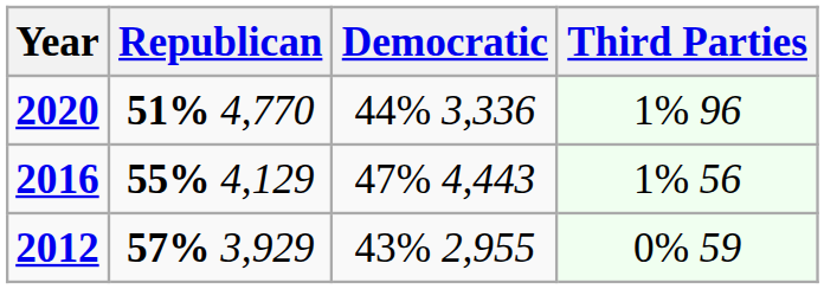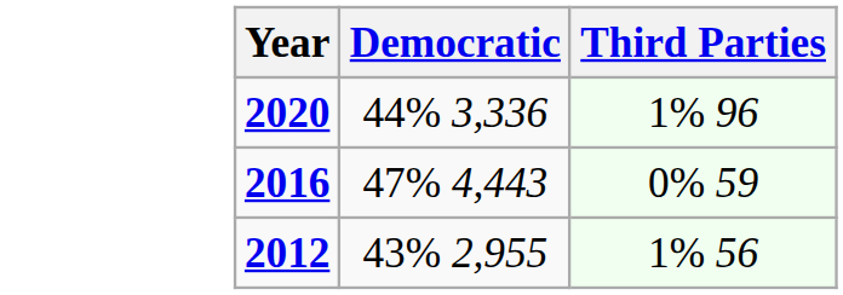 <table class="wikitable" style="float:right; font-size:95%;">
 <tr bgcolor=lightgrey>
 <th>Year</th>
-<th><a href='#'>Republican</a></th>
 <th><a href='#'>Democratic</a></th>
 <th><a href='#'>Third Parties</a></th>
 </tr>
 <tr>
 <td style="text-align:center; "><strong><a href='#'>2020</a></strong></td>
-<td style="text-align:center; "><strong>51%</strong> <em>4,770</em></td>
 <td style="text-align:center; ">44% <em>3,336</em></td>
 <td style="text-align:center; background:honeyDew;">1% <em>96</em></td>
 </tr>
 <tr>
 <td style="text-align:center; "><strong><a href='#'>2016</a></strong></td>
-<td style="text-align:center; "><strong>55%</strong> <em>4,129</em></td>
 <td style="text-align:center; ">47% <em>4,443</em></td>
-<td style="text-align:center; background:honeyDew;">1% <em>56</em></td>
+<td style="text-align:center; background:honeyDew;">0% <em>59</em></td>
 </tr>
 <tr>
 <td style="text-align:center; "><strong><a href='#'>2012</a></strong></td>
-<td style="text-align:center; "><strong>57%</strong> <em>3,929</em></td>
 <td style="text-align:center; ">43% <em>2,955</em></td>
-<td style="text-align:center; background:honeyDew;">0% <em>59</em></td>
+<td style="text-align:center; background:honeyDew;">1% <em>56</em></td>
 </tr>
 </table>
